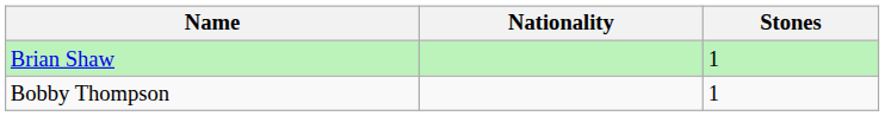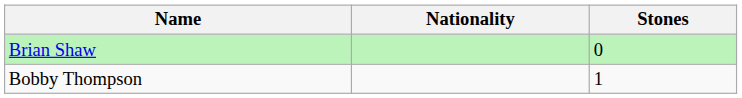 <table class="wikitable" style="display: inline-table; width: 50%;">
 <tr>
 <th>Name</th>
 <th>Nationality</th>
 <th>Stones</th>
 </tr>
 <tr bgcolor=bbf3bb>
 <td><a href='#'>Brian Shaw</a></td>
 <td></td>
-<td>1</td>
+<td>0</td>
 </tr>
 <tr>
 <td>Bobby Thompson</td>
 <td></td>
 <td>1</td>
 </tr>
 </table>
